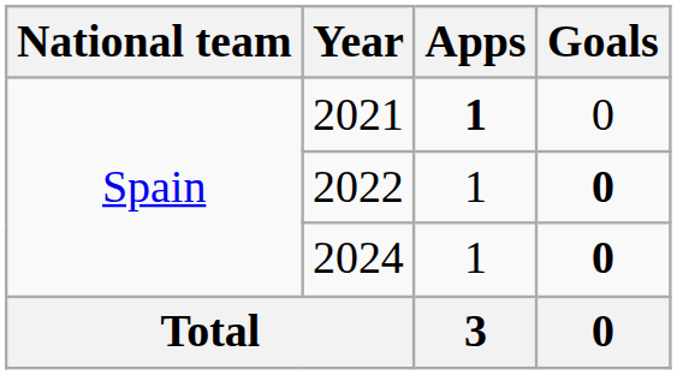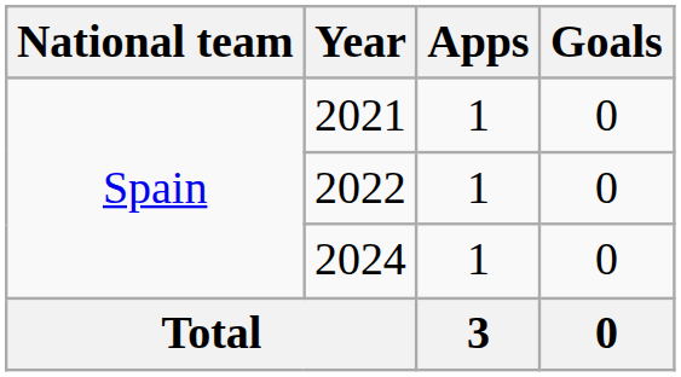 <table class="wikitable" style="text-align: center;">
 <tr>
 <th>National team</th>
 <th>Year</th>
 <th>Apps</th>
 <th>Goals</th>
 </tr>
 <tr>
 <td rowspan="3"><a href='#'>Spain</a></td>
 <td>2021</td>
-<td><strong>1</strong></td>
+<td>1</td>
 <td>0</td>
 </tr>
 <tr>
 <td>2022</td>
 <td>1</td>
-<td><strong>0</strong></td>
+<td>0</td>
 </tr>
 <tr>
 <td>2024</td>
 <td>1</td>
-<td><strong>0</strong></td>
+<td>0</td>
 </tr>
 <tr>
 <th colspan="2">Total</th>
 <th>3</th>
 <th>0</th>
 </tr>
 </table>
